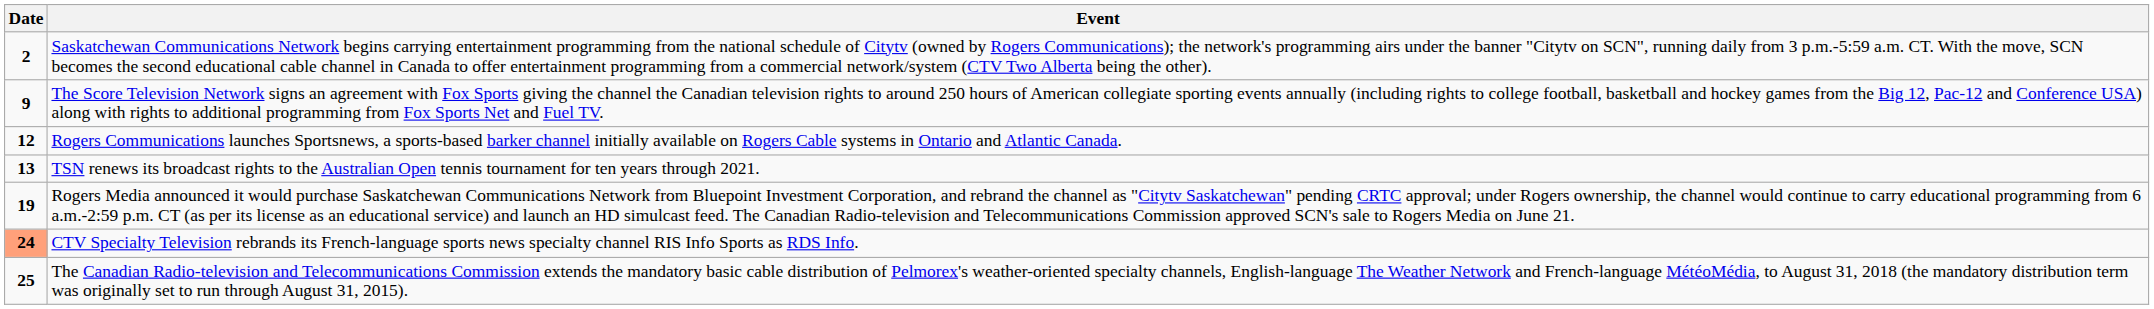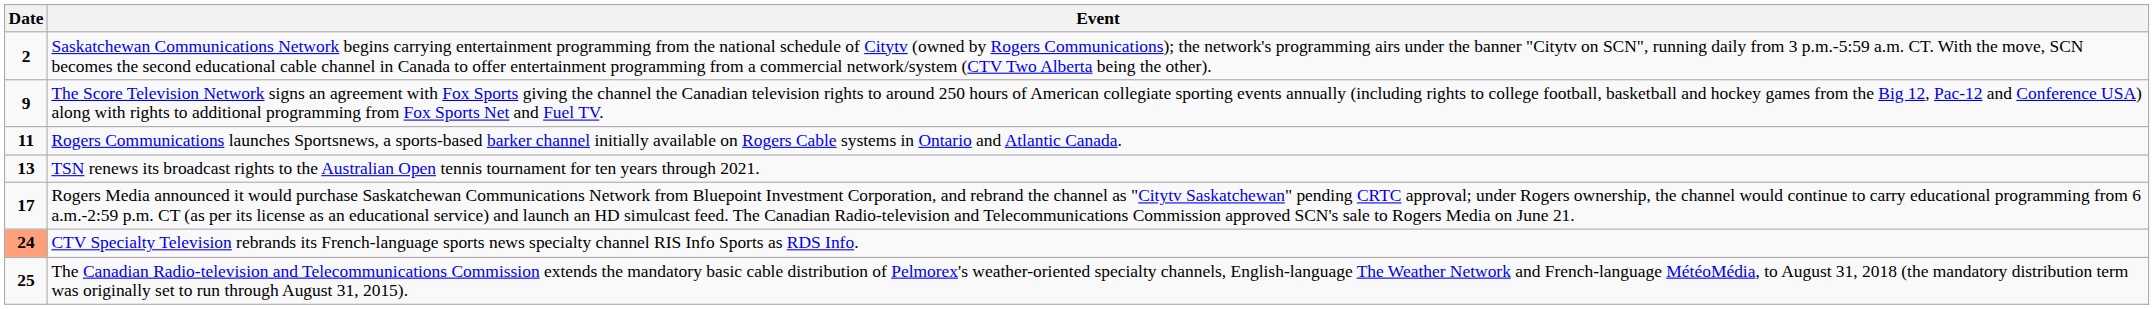 <table class="wikitable">
 <tr>
 <th>Date</th>
 <th>Event</th>
 </tr>
 <tr>
 <td style="text-align:center;"><strong>2</strong></td>
 <td><a href='#'>Saskatchewan Communications Network</a> begins carrying entertainment programming from the national schedule of <a href='#'>Citytv</a> (owned by <a href='#'>Rogers Communications</a>); the network's programming airs under the banner "Citytv on SCN", running daily from 3 p.m.-5:59 a.m. CT. With the move, SCN becomes the second educational cable channel in Canada to offer entertainment programming from a commercial network/system (<a href='#'>CTV Two Alberta</a> being the other).</td>
 </tr>
 <tr>
 <td style="text-align:center;"><strong>9</strong></td>
 <td><a href='#'>The Score Television Network</a> signs an agreement with <a href='#'>Fox Sports</a> giving the channel the Canadian television rights to around 250 hours of American collegiate sporting events annually (including rights to college football, basketball and hockey games from the <a href='#'>Big 12</a>, <a href='#'>Pac-12</a> and <a href='#'>Conference USA</a>) along with rights to additional programming from <a href='#'>Fox Sports Net</a> and <a href='#'>Fuel TV</a>.</td>
 </tr>
 <tr>
-<td style="text-align:center;"><strong>12</strong></td>
+<td style="text-align:center;"><strong>11</strong></td>
 <td><a href='#'>Rogers Communications</a> launches Sportsnews, a sports-based <a href='#'>barker channel</a> initially available on <a href='#'>Rogers Cable</a> systems in <a href='#'>Ontario</a> and <a href='#'>Atlantic Canada</a>.</td>
 </tr>
 <tr>
 <td style="text-align:center;"><strong>13</strong></td>
 <td><a href='#'>TSN</a> renews its broadcast rights to the <a href='#'>Australian Open</a> tennis tournament for ten years through 2021.</td>
 </tr>
 <tr>
-<td style="text-align:center;"><strong>19</strong></td>
+<td style="text-align:center;"><strong>17</strong></td>
 <td>Rogers Media announced it would purchase Saskatchewan Communications Network from Bluepoint Investment Corporation, and rebrand the channel as "<a href='#'>Citytv Saskatchewan</a>" pending <a href='#'>CRTC</a> approval; under Rogers ownership, the channel would continue to carry educational programming from 6 a.m.-2:59 p.m. CT (as per its license as an educational service) and launch an HD simulcast feed. The Canadian Radio-television and Telecommunications Commission approved SCN's sale to Rogers Media on June 21.</td>
 </tr>
 <tr>
 <td style="background: lightsalmon; text-align:center;"><strong>24</strong></td>
 <td><a href='#'>CTV Specialty Television</a> rebrands its French-language sports news specialty channel RIS Info Sports as <a href='#'>RDS Info</a>.</td>
 </tr>
 <tr>
 <td style="text-align:center;"><strong>25</strong></td>
 <td>The <a href='#'>Canadian Radio-television and Telecommunications Commission</a> extends the mandatory basic cable distribution of <a href='#'>Pelmorex</a>'s weather-oriented specialty channels, English-language <a href='#'>The Weather Network</a> and French-language <a href='#'>MétéoMédia</a>, to August 31, 2018 (the mandatory distribution term was originally set to run through August 31, 2015).</td>
 </tr>
 </table>
